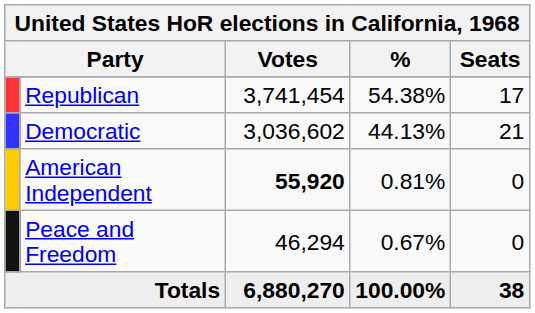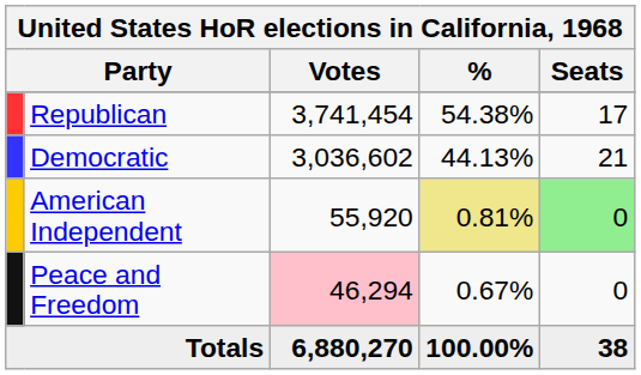 <table class="wikitable" style="font-size: 95%;">
 <tr>
 <th colspan="7">United States HoR elections in California, 1968</th>
 </tr>
 <tr>
 <th colspan=2 style="width: 5em">Party</th>
 <th style="width: 5em">Votes</th>
 <th style="width: 3em">%</th>
 <th style="width: 3em">Seats</th>
 </tr>
 <tr>
 </tr>
 <tr>
 <th style="background-color:#FF3333; width: 3px"></th>
 <td style="width: 130px"><a href='#'>Republican</a></td>
 <td align="right">3,741,454</td>
 <td align="right">54.38%</td>
 <td align="right">17</td>
 </tr>
 <tr>
 <th style="background-color:#3333FF; width: 3px"></th>
 <td style="width: 130px"><a href='#'>Democratic</a></td>
 <td align="right">3,036,602</td>
 <td align="right">44.13%</td>
 <td align="right">21</td>
 </tr>
 <tr>
 <th style="background-color:#FFCC00; width: 3px"></th>
 <td style="width: 130px"><a href='#'>American Independent</a></td>
-<td align="right"><strong>55,920</strong></td>
-<td align="right">0.81%</td>
-<td align="right">0</td>
+<td align="right">55,920</td>
+<td align="right" style="background: khaki;">0.81%</td>
+<td align="right" style="background: lightgreen;">0</td>
 </tr>
 <tr>
 <th style="background-color:#111111; width: 3px"></th>
 <td style="width: 130px"><a href='#'>Peace and Freedom</a></td>
-<td align="right">46,294</td>
+<td align="right" style="background: pink;">46,294</td>
 <td align="right">0.67%</td>
 <td align="right">0</td>
 </tr>
 <tr bgcolor="#EEEEEE">
 <td colspan="2" align="right"><strong>Totals</strong></td>
 <td align="right"><strong>6,880,270</strong></td>
 <td align="right"><strong>100.00%</strong></td>
 <td align="right"><strong>38</strong></td>
 </tr>
 </table>
